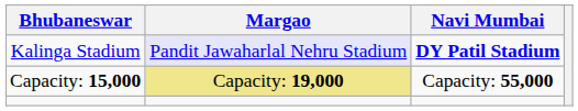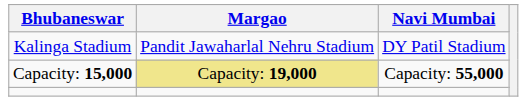 <table class="wikitable" style="margin:1em auto; text-align:center">
 <tr>
 <th><a href='#'>Bhubaneswar</a></th>
 <th><a href='#'>Margao</a></th>
 <th><a href='#'>Navi Mumbai</a></th>
 <th rowspan="4"></th>
 </tr>
 <tr>
 <td><a href='#'>Kalinga Stadium</a></td>
-<td style="background: lavender;"><a href='#'>Pandit Jawaharlal Nehru Stadium</a></td>
-<td><strong><a href='#'>DY Patil Stadium</a></strong></td>
+<td><a href='#'>Pandit Jawaharlal Nehru Stadium</a></td>
+<td><a href='#'>DY Patil Stadium</a></td>
 </tr>
 <tr>
 <td>Capacity: <strong>15,000</strong></td>
 <td style="background: khaki;">Capacity: <strong>19,000</strong></td>
 <td>Capacity: <strong>	55,000</strong></td>
 </tr>
 <tr>
 <td></td>
 <td></td>
 <td></td>
 </tr>
 </table>
